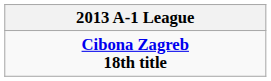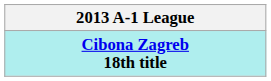 <table class="wikitable" style="margin: 0 auto; width: 20%;">
 <tr>
 <th>2013 A-1 League</th>
 </tr>
 <tr>
-<td align=center><strong><a href='#'>Cibona Zagreb</a></strong><br><strong>18th title</strong> <br></td>
+<td align=center style="background: paleturquoise;"><strong><a href='#'>Cibona Zagreb</a></strong><br><strong>18th title</strong> <br></td>
 </tr>
 </table>
